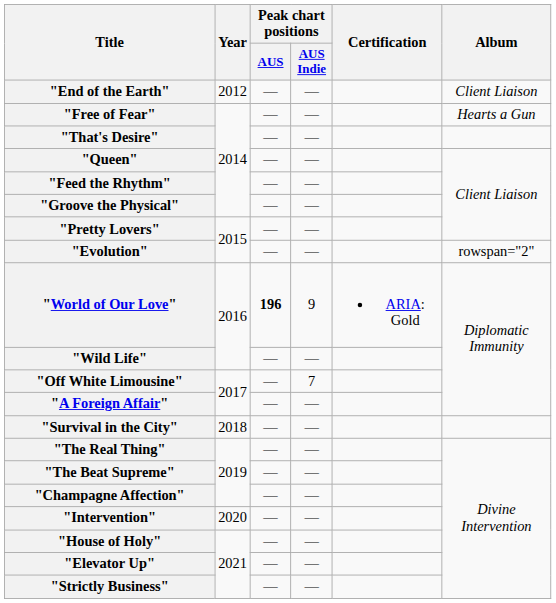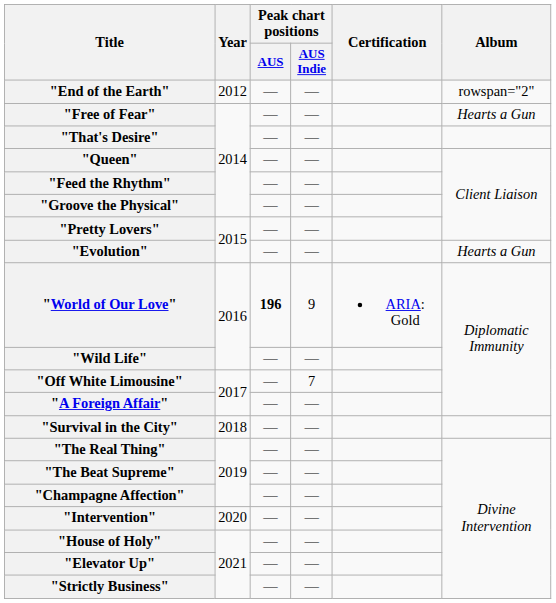 <table class="wikitable plainrowheaders" style=text-align:center;>
 <tr>
 <th scope="col" rowspan="2" style="width:18em;">Title</th>
 <th scope="col" rowspan="2" style="width:1em;">Year</th>
 <th scope="col" colspan="2">Peak chart positions</th>
 <th scope="col" rowspan="2" style="width:8em;">Certification</th>
 <th scope="col" rowspan="2" style="width:8em;">Album</th>
 </tr>
 <tr>
 <th scope="col" style="width:3em;font-size:90%;"><a href='#'>AUS</a><br></th>
 <th scope="col" style="width:3em;font-size:90%;"><a href='#'>AUS<br>Indie</a><br></th>
 </tr>
 <tr>
 <th scope="row">"End of the Earth"</th>
 <td>2012</td>
 <td>—</td>
 <td>—</td>
 <td></td>
-<td><em>Client Liaison</em></td>
+<td>rowspan="2" </td>
 </tr>
 <tr>
 <th scope="row">"Free of Fear"</th>
 <td rowspan="5">2014</td>
 <td>—</td>
 <td>—</td>
 <td></td>
 <td><em>Hearts a Gun</em></td>
 </tr>
 <tr>
 <th scope="row">"That's Desire"</th>
 <td>—</td>
 <td>—</td>
 <td></td>
 </tr>
 <tr>
 <th scope="row">"Queen"</th>
 <td>—</td>
 <td>—</td>
 <td></td>
 <td rowspan="4"><em>Client Liaison</em></td>
 </tr>
 <tr>
 <th scope="row">"Feed the Rhythm"</th>
 <td>—</td>
 <td>—</td>
 <td></td>
 </tr>
 <tr>
 <th scope="row">"Groove the Physical"</th>
 <td>—</td>
 <td>—</td>
 <td></td>
 </tr>
 <tr>
 <th scope="row">"Pretty Lovers"</th>
 <td rowspan="2">2015</td>
 <td>—</td>
 <td>—</td>
 <td></td>
 </tr>
 <tr>
 <th scope="row">"Evolution"<br></th>
 <td>—</td>
 <td>—</td>
 <td></td>
-<td>rowspan="2" </td>
+<td><em>Hearts a Gun</em></td>
 </tr>
 <tr>
 <th scope="row">"<a href='#'>World of Our Love</a>"</th>
 <td rowspan="2">2016</td>
 <td><strong>196</strong></td>
 <td>9</td>
 <td><br><ul><li><a href='#'>ARIA</a>: Gold</li></ul></td>
 <td rowspan="4"><em>Diplomatic Immunity</em></td>
 </tr>
 <tr>
 <th scope="row">"Wild Life"</th>
 <td>—</td>
 <td>—</td>
 <td></td>
 </tr>
 <tr>
 <th scope="row">"Off White Limousine"</th>
 <td rowspan="2">2017</td>
 <td>—</td>
 <td>7</td>
 <td></td>
 </tr>
 <tr>
 <th scope="row">"<a href='#'>A Foreign Affair</a>"<br></th>
 <td>—</td>
 <td>—</td>
 <td></td>
 </tr>
 <tr>
 <th scope="row">"Survival in the City"</th>
 <td>2018</td>
 <td>—</td>
 <td>—</td>
 <td></td>
 <td></td>
 </tr>
 <tr>
 <th scope="row">"The Real Thing"</th>
 <td rowspan="3">2019</td>
 <td>—</td>
 <td>—</td>
 <td></td>
 <td rowspan="7"><em>Divine Intervention</em></td>
 </tr>
 <tr>
 <th scope="row">"The Beat Supreme"</th>
 <td>—</td>
 <td>—</td>
 <td></td>
 </tr>
 <tr>
 <th scope="row">"Champagne Affection"</th>
 <td>—</td>
 <td>—</td>
 <td></td>
 </tr>
 <tr>
 <th scope="row">"Intervention"</th>
 <td>2020</td>
 <td>—</td>
 <td>—</td>
 <td></td>
 </tr>
 <tr>
 <th scope="row">"House of Holy"</th>
 <td rowspan="3">2021</td>
 <td>—</td>
 <td>—</td>
 <td></td>
 </tr>
 <tr>
 <th scope="row">"Elevator Up"</th>
 <td>—</td>
 <td>—</td>
 <td></td>
 </tr>
 <tr>
 <th scope="row">"Strictly Business"</th>
 <td>—</td>
 <td>—</td>
 <td></td>
 </tr>
 </table>
